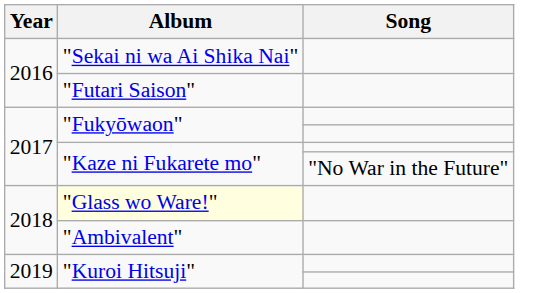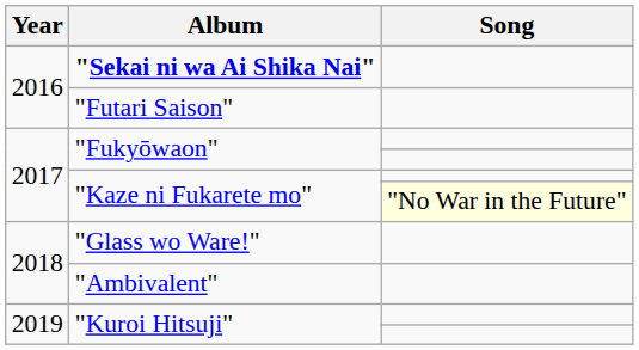 <table class="wikitable">
 <tr>
 <th>Year</th>
 <th>Album</th>
 <th>Song</th>
 </tr>
 <tr>
 <td rowspan="2">2016</td>
-<td rowspan="1">"<a href='#'>Sekai ni wa Ai Shika Nai</a>"</td>
+<td rowspan="1"><strong>"<a href='#'>Sekai ni wa Ai Shika Nai</a>"</strong></td>
 <td></td>
 </tr>
 <tr>
 <td rowspan="1">"<a href='#'>Futari Saison</a>"</td>
 <td></td>
 </tr>
 <tr>
 <td rowspan="4">2017</td>
 <td rowspan="2">"<a href='#'>Fukyōwaon</a>"</td>
 <td></td>
 </tr>
 <tr>
 <td></td>
 </tr>
 <tr>
 <td rowspan="2">"<a href='#'>Kaze ni Fukarete mo</a>"</td>
 <td></td>
 </tr>
 <tr>
-<td>"No War in the Future"</td>
+<td style="background: lightyellow;">"No War in the Future"</td>
 </tr>
 <tr>
 <td rowspan="2">2018</td>
-<td rowspan="1" style="background: lightyellow;">"<a href='#'>Glass wo Ware!</a>"</td>
+<td rowspan="1">"<a href='#'>Glass wo Ware!</a>"</td>
 <td></td>
 </tr>
 <tr>
 <td rowspan="1">"<a href='#'>Ambivalent</a>"</td>
 <td></td>
 </tr>
 <tr>
 <td rowspan="2">2019</td>
 <td rowspan="2">"<a href='#'>Kuroi Hitsuji</a>"</td>
 <td></td>
 </tr>
 <tr>
 <td></td>
 </tr>
 </table>
